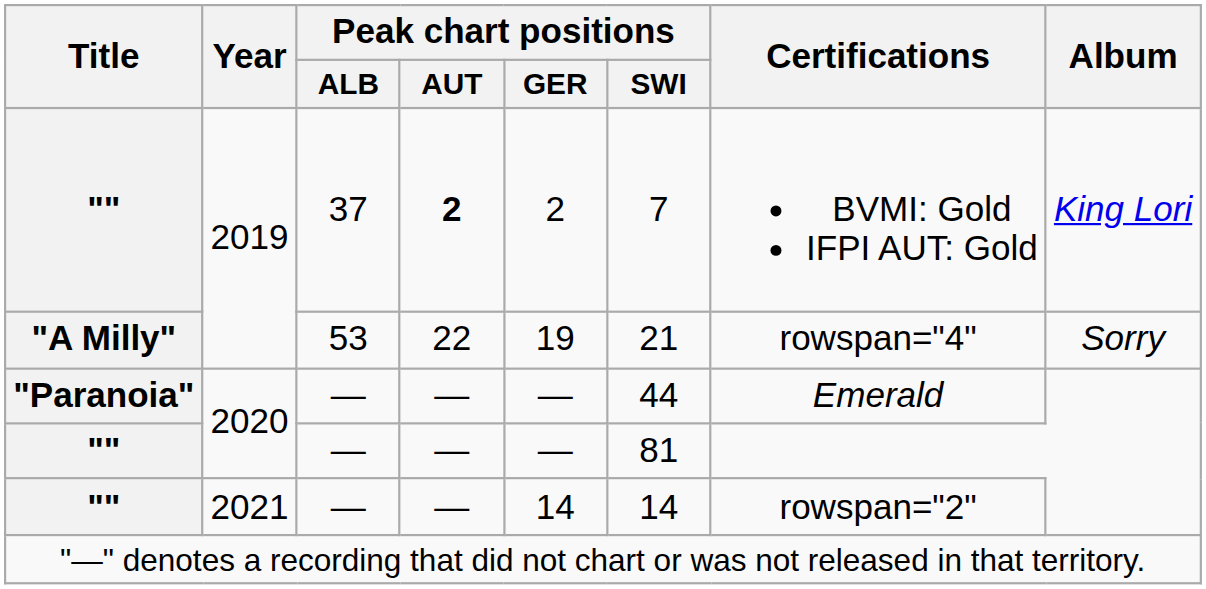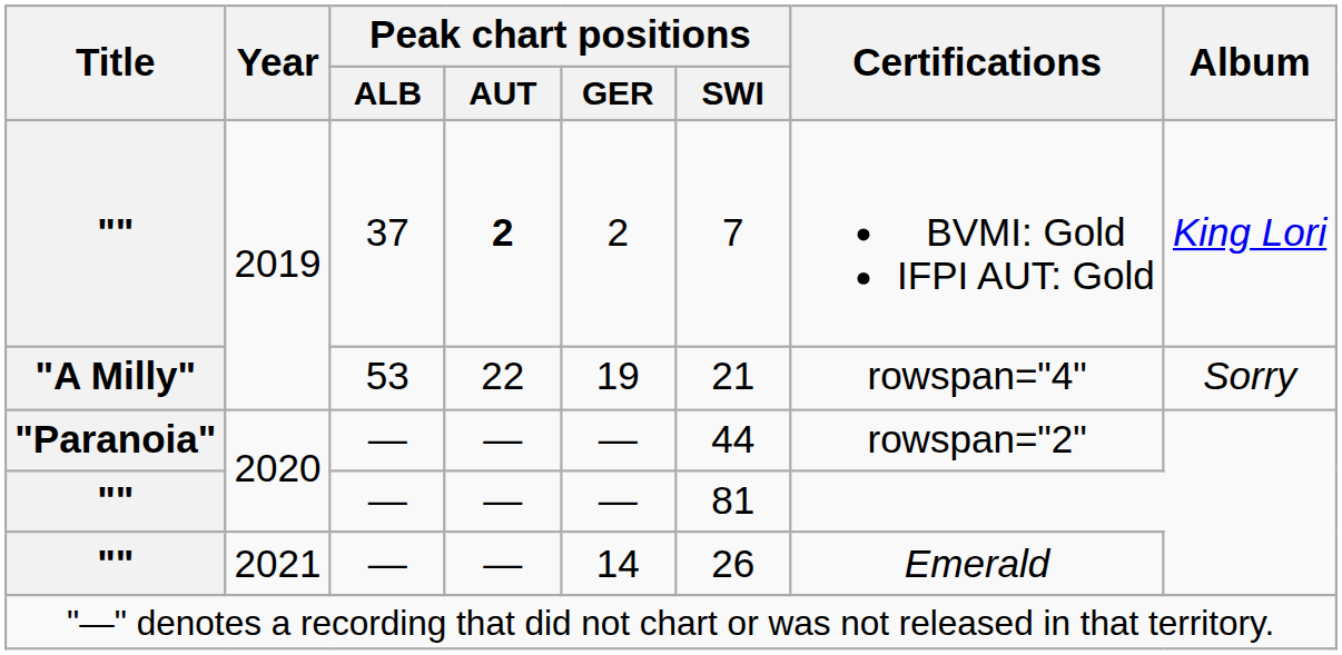 <table class="wikitable plainrowheaders" style="text-align:center;">
 <tr>
 <th scope="col" rowspan="2">Title</th>
 <th scope="col" rowspan="2">Year</th>
 <th scope="col" colspan="4">Peak chart positions</th>
 <th scope="col" rowspan="2">Certifications</th>
 <th scope="col" rowspan="2">Album</th>
 </tr>
 <tr>
 <th style="width:3em; font-size:85%;">ALB<br></th>
 <th style="width:3em; font-size:85%;">AUT<br></th>
 <th style="width:3em; font-size:85%;">GER<br></th>
 <th style="width:3em; font-size:85%;">SWI<br></th>
 </tr>
 <tr>
 <th scope="row">""<br></th>
 <td rowspan="2">2019</td>
 <td>37</td>
 <td><strong>2</strong></td>
 <td>2</td>
 <td>7</td>
 <td><br><ul><li>BVMI: Gold</li><li>IFPI AUT: Gold</li></ul></td>
 <td><em><a href='#'>King Lori</a></em></td>
 </tr>
 <tr>
 <th scope="row">"A Milly"<br></th>
 <td>53</td>
 <td>22</td>
 <td>19</td>
 <td>21</td>
 <td>rowspan="4" </td>
 <td><em>Sorry</em></td>
 </tr>
 <tr>
 <th scope="row">"Paranoia"<br></th>
 <td rowspan="2">2020</td>
 <td>—</td>
 <td>—</td>
 <td>—</td>
 <td>44</td>
-<td><em>Emerald</em></td>
+<td>rowspan="2" </td>
 </tr>
 <tr>
 <th scope="row">""<br></th>
 <td>—</td>
 <td>—</td>
 <td>—</td>
 <td>81</td>
 </tr>
 <tr>
 <th scope="row">""<br></th>
 <td rowspan="1">2021</td>
 <td>—</td>
 <td>—</td>
 <td>14</td>
-<td>14</td>
-<td>rowspan="2" </td>
+<td>26</td>
+<td><em>Emerald</em></td>
 </tr>
 <tr>
 <td colspan="18" style="font-size:90%">"—" denotes a recording that did not chart or was not released in that territory.</td>
 </tr>
 </table>
